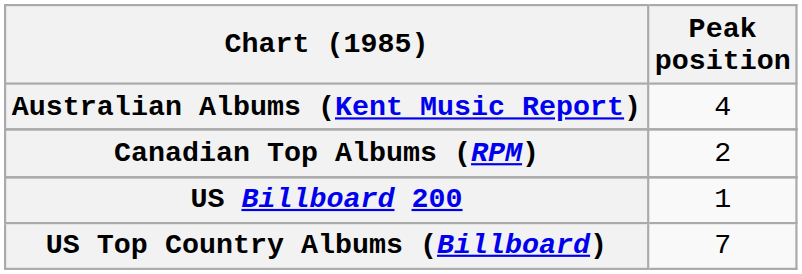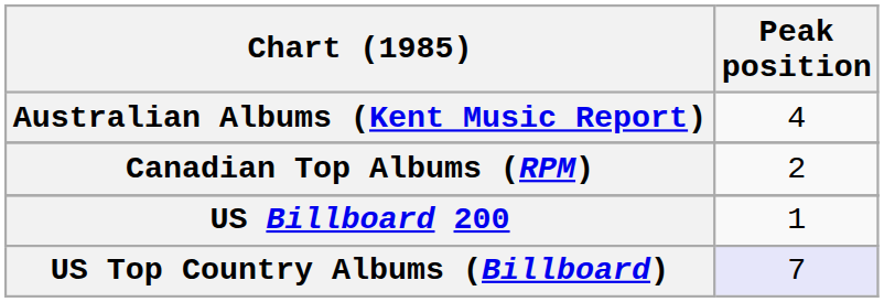 <table class="wikitable sortable plainrowheaders" style="text-align:center">
 <tr>
 <th>Chart (1985)</th>
 <th>Peak<br>position</th>
 </tr>
 <tr>
 <th scope="row">Australian Albums (<a href='#'>Kent Music Report</a>)</th>
 <td>4</td>
 </tr>
 <tr>
 </tr>
 <tr>
 <th scope="row">Canadian Top Albums (<em><a href='#'>RPM</a></em>)</th>
 <td>2</td>
 </tr>
 <tr>
 </tr>
 <tr>
 </tr>
 <tr>
 </tr>
 <tr>
 </tr>
 <tr>
 </tr>
 <tr>
 </tr>
 <tr>
 </tr>
 <tr>
 <th scope="row">US <em><a href='#'>Billboard</a></em> <a href='#'>200</a></th>
 <td>1</td>
 </tr>
 <tr>
 <th scope="row">US Top Country Albums (<em><a href='#'>Billboard</a></em>)</th>
-<td>7</td>
+<td style="background: lavender;">7</td>
 </tr>
 </table>
